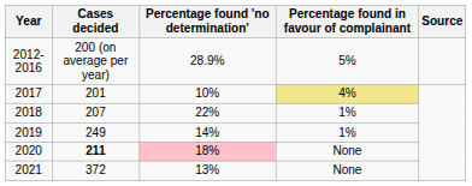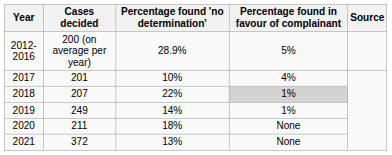 <table class="wikitable" style="text-align:center">
 <tr>
 <th>Year</th>
 <th>Cases decided</th>
 <th>Percentage found 'no determination'</th>
 <th>Percentage found in favour of complainant</th>
 <th>Source</th>
 </tr>
 <tr>
 <td>2012-2016</td>
 <td>200 (on average per year)</td>
 <td>28.9%</td>
 <td>5%</td>
 <td></td>
 </tr>
 <tr>
 <td>2017</td>
 <td>201</td>
 <td>10%</td>
-<td style="background: khaki;">4%</td>
+<td>4%</td>
 <td rowspan="5"></td>
 </tr>
 <tr>
 <td>2018</td>
 <td>207</td>
 <td>22%</td>
-<td>1%</td>
+<td style="background: lightgrey;">1%</td>
 </tr>
 <tr>
 <td>2019</td>
 <td>249</td>
 <td>14%</td>
 <td>1%</td>
 </tr>
 <tr>
 <td>2020</td>
-<td><strong>211</strong></td>
-<td style="background: pink;">18%</td>
+<td>211</td>
+<td>18%</td>
 <td>None</td>
 </tr>
 <tr>
 <td>2021</td>
 <td>372</td>
 <td>13%</td>
 <td>None</td>
 </tr>
 </table>
